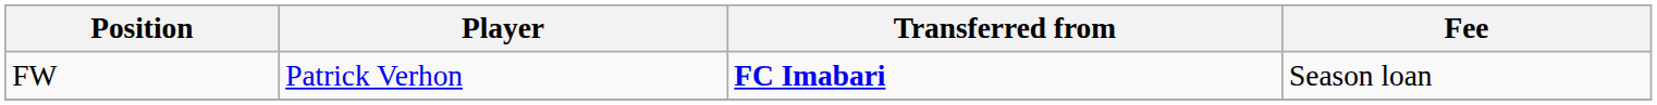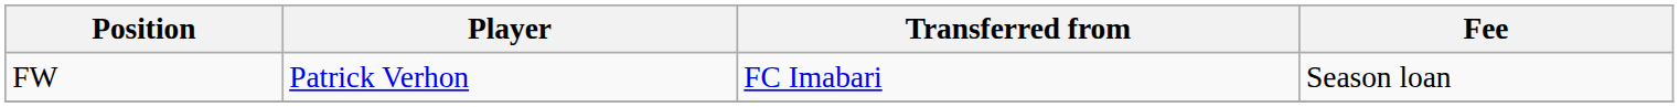 <table class="wikitable sortable" style="width:70%; text-align:center; font-size:100%; text-align:left;">
 <tr>
 <th>Position</th>
 <th>Player</th>
 <th>Transferred from</th>
 <th>Fee</th>
 </tr>
 <tr>
 <td>FW</td>
 <td> <a href='#'>Patrick Verhon</a></td>
-<td><strong> <a href='#'>FC Imabari</a></strong></td>
+<td> <a href='#'>FC Imabari</a></td>
 <td>Season loan </td>
 </tr>
 <tr>
 </tr>
 </table>
